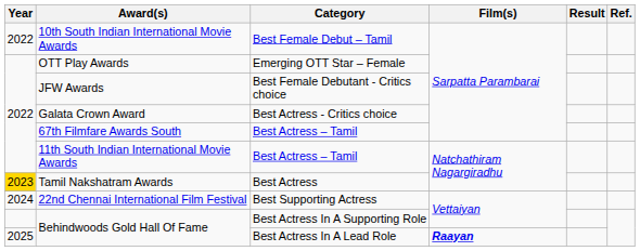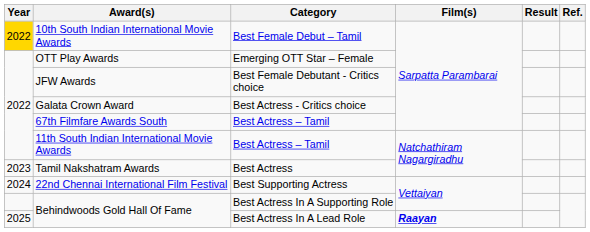 <table class="wikitable">
 <tr>
 <th>Year</th>
 <th>Award(s)</th>
 <th>Category</th>
 <th>Film(s)</th>
 <th>Result</th>
 <th>Ref.</th>
 </tr>
 <tr>
-<td>2022</td>
+<td style="background: gold;">2022</td>
 <td><a href='#'>10th South Indian International Movie Awards</a></td>
 <td><a href='#'>Best Female Debut – Tamil</a></td>
 <td rowspan="5"><em><a href='#'>Sarpatta Parambarai</a></em></td>
 <td></td>
 <td></td>
 </tr>
 <tr>
 <td rowspan="5">2022</td>
 <td>OTT Play Awards</td>
 <td>Emerging OTT Star – Female</td>
 <td></td>
 <td></td>
 </tr>
 <tr>
 <td>JFW Awards</td>
 <td>Best Female Debutant - Critics choice</td>
 <td></td>
 <td></td>
 </tr>
 <tr>
 <td>Galata Crown Award</td>
 <td>Best Actress - Critics choice</td>
 <td></td>
 <td></td>
 </tr>
 <tr>
 <td><a href='#'>67th Filmfare Awards South</a></td>
 <td><a href='#'>Best Actress – Tamil</a></td>
 <td></td>
 <td></td>
 </tr>
 <tr>
 <td><a href='#'>11th South Indian International Movie Awards</a></td>
 <td><a href='#'>Best Actress – Tamil</a></td>
 <td rowspan="2"><em><a href='#'>Natchathiram Nagargiradhu</a></em></td>
 <td></td>
 <td></td>
 </tr>
 <tr>
-<td style="background: gold;">2023</td>
+<td>2023</td>
 <td>Tamil Nakshatram Awards</td>
 <td>Best Actress</td>
 <td></td>
 <td></td>
 </tr>
 <tr>
 <td>2024</td>
 <td><a href='#'>22nd Chennai International Film Festival</a></td>
 <td>Best Supporting Actress</td>
 <td rowspan="2"><em><a href='#'>Vettaiyan</a></em></td>
 <td></td>
 <td></td>
 </tr>
 <tr>
 <td></td>
 <td rowspan="2">Behindwoods  Gold Hall Of Fame</td>
 <td>Best Actress In A Supporting Role</td>
 <td></td>
 <td rowspan="2"></td>
 </tr>
 <tr>
 <td>2025</td>
 <td>Best Actress In A Lead Role</td>
 <td><strong><em><a href='#'>Raayan</a></em></strong></td>
 <td></td>
 </tr>
 </table>
